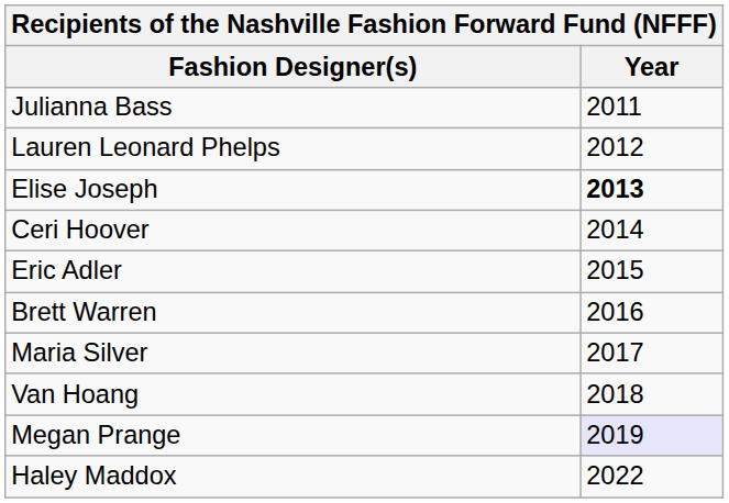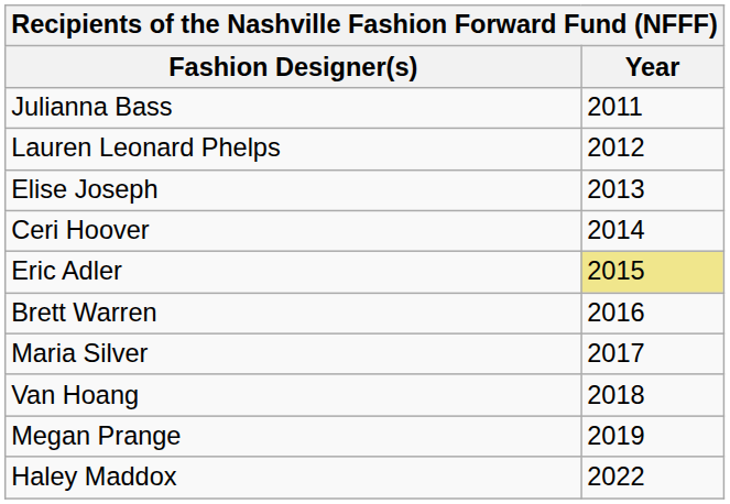 <table class="wikitable">
 <tr>
 <th colspan="2">Recipients of the Nashville Fashion Forward Fund (NFFF)</th>
 </tr>
 <tr>
 <th>Fashion Designer(s)</th>
 <th>Year</th>
 </tr>
 <tr>
 <td>Julianna Bass</td>
 <td>2011</td>
 </tr>
 <tr>
 <td>Lauren Leonard Phelps</td>
 <td>2012</td>
 </tr>
 <tr>
 <td>Elise Joseph</td>
-<td><strong>2013</strong></td>
+<td>2013</td>
 </tr>
 <tr>
 <td>Ceri Hoover</td>
 <td>2014</td>
 </tr>
 <tr>
 <td>Eric Adler</td>
-<td>2015</td>
+<td style="background: khaki;">2015</td>
 </tr>
 <tr>
 <td>Brett Warren</td>
 <td>2016</td>
 </tr>
 <tr>
 <td>Maria Silver</td>
 <td>2017</td>
 </tr>
 <tr>
 <td>Van Hoang</td>
 <td>2018</td>
 </tr>
 <tr>
 <td>Megan Prange</td>
-<td style="background: lavender;">2019</td>
+<td>2019</td>
 </tr>
 <tr>
 <td>Haley Maddox</td>
 <td>2022</td>
 </tr>
 </table>
